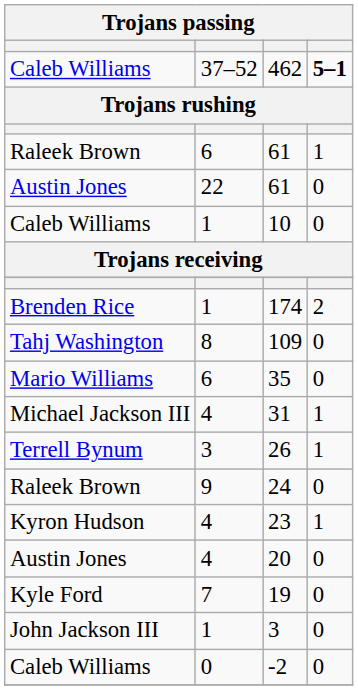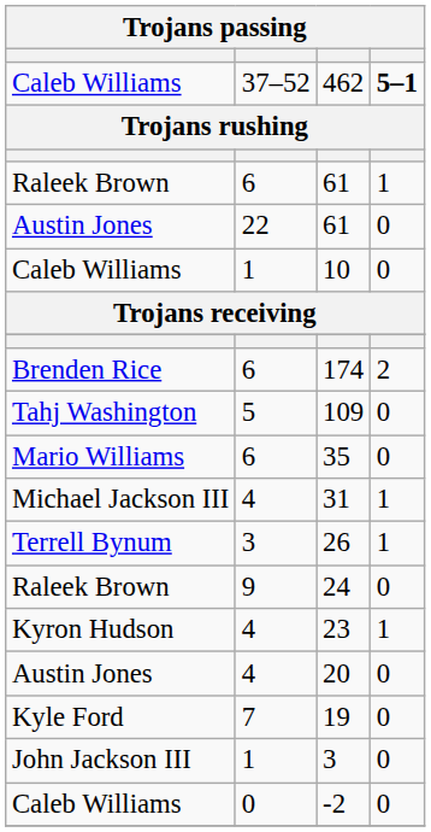 <table class="wikitable plainrowheaders">
 <tr>
 <th colspan="6">Trojans passing</th>
 </tr>
 <tr>
 <th scope="col"></th>
 <th scope="col"></th>
 <th scope="col"></th>
 <th scope="col"></th>
 </tr>
 <tr>
 <td><a href='#'>Caleb Williams</a></td>
 <td>37–52</td>
 <td>462</td>
 <td><strong>5–1</strong></td>
 </tr>
 <tr>
 <th colspan="6">Trojans rushing</th>
 </tr>
 <tr>
 <th scope="col"></th>
 <th scope="col"></th>
 <th scope="col"></th>
 <th scope="col"></th>
 </tr>
 <tr>
 <td>Raleek Brown</td>
 <td>6</td>
 <td>61</td>
 <td>1</td>
 </tr>
 <tr>
 <td><a href='#'>Austin Jones</a></td>
 <td>22</td>
 <td>61</td>
 <td>0</td>
 </tr>
 <tr>
 <td>Caleb Williams</td>
 <td>1</td>
 <td>10</td>
 <td>0</td>
 </tr>
 <tr>
 <th colspan="6">Trojans receiving</th>
 </tr>
 <tr>
 </tr>
 <tr>
 <th scope="col"></th>
 <th scope="col"></th>
 <th scope="col"></th>
 <th scope="col"></th>
 </tr>
 <tr>
 <td><a href='#'>Brenden Rice</a></td>
-<td>1</td>
+<td>6</td>
 <td>174</td>
 <td>2</td>
 </tr>
 <tr>
 <td><a href='#'>Tahj Washington</a></td>
-<td>8</td>
+<td>5</td>
 <td>109</td>
 <td>0</td>
 </tr>
 <tr>
 <td><a href='#'>Mario Williams</a></td>
 <td>6</td>
 <td>35</td>
 <td>0</td>
 </tr>
 <tr>
 <td>Michael Jackson III</td>
 <td>4</td>
 <td>31</td>
 <td>1</td>
 </tr>
 <tr>
 <td><a href='#'>Terrell Bynum</a></td>
 <td>3</td>
 <td>26</td>
 <td>1</td>
 </tr>
 <tr>
 <td>Raleek Brown</td>
 <td>9</td>
 <td>24</td>
 <td>0</td>
 </tr>
 <tr>
 <td>Kyron Hudson</td>
 <td>4</td>
 <td>23</td>
 <td>1</td>
 </tr>
 <tr>
 <td>Austin Jones</td>
 <td>4</td>
 <td>20</td>
 <td>0</td>
 </tr>
 <tr>
 <td>Kyle Ford</td>
 <td>7</td>
 <td>19</td>
 <td>0</td>
 </tr>
 <tr>
 <td>John Jackson III</td>
 <td>1</td>
 <td>3</td>
 <td>0</td>
 </tr>
 <tr>
 <td>Caleb Williams</td>
 <td>0</td>
 <td>-2</td>
 <td>0</td>
 </tr>
 <tr>
 </tr>
 </table>
